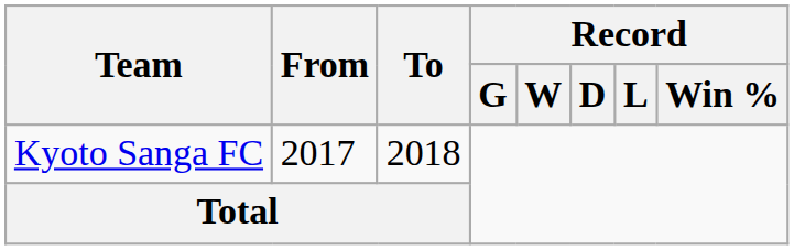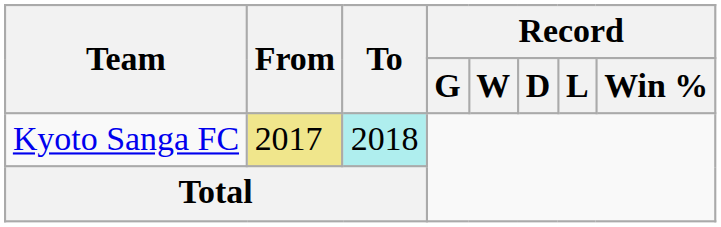 <table class="wikitable" style="text-align: center">
 <tr>
 <th rowspan="2">Team</th>
 <th rowspan="2">From</th>
 <th rowspan="2">To</th>
 <th colspan="5">Record</th>
 </tr>
 <tr>
 <th>G</th>
 <th>W</th>
 <th>D</th>
 <th>L</th>
 <th>Win %</th>
 </tr>
 <tr>
 <td align="left"><a href='#'>Kyoto Sanga FC</a></td>
-<td align="left">2017</td>
-<td align="left">2018<br></td>
+<td align="left" style="background: khaki;">2017</td>
+<td align="left" style="background: paleturquoise;">2018<br></td>
 </tr>
 <tr>
 <th colspan="3">Total<br></th>
 </tr>
 </table>
